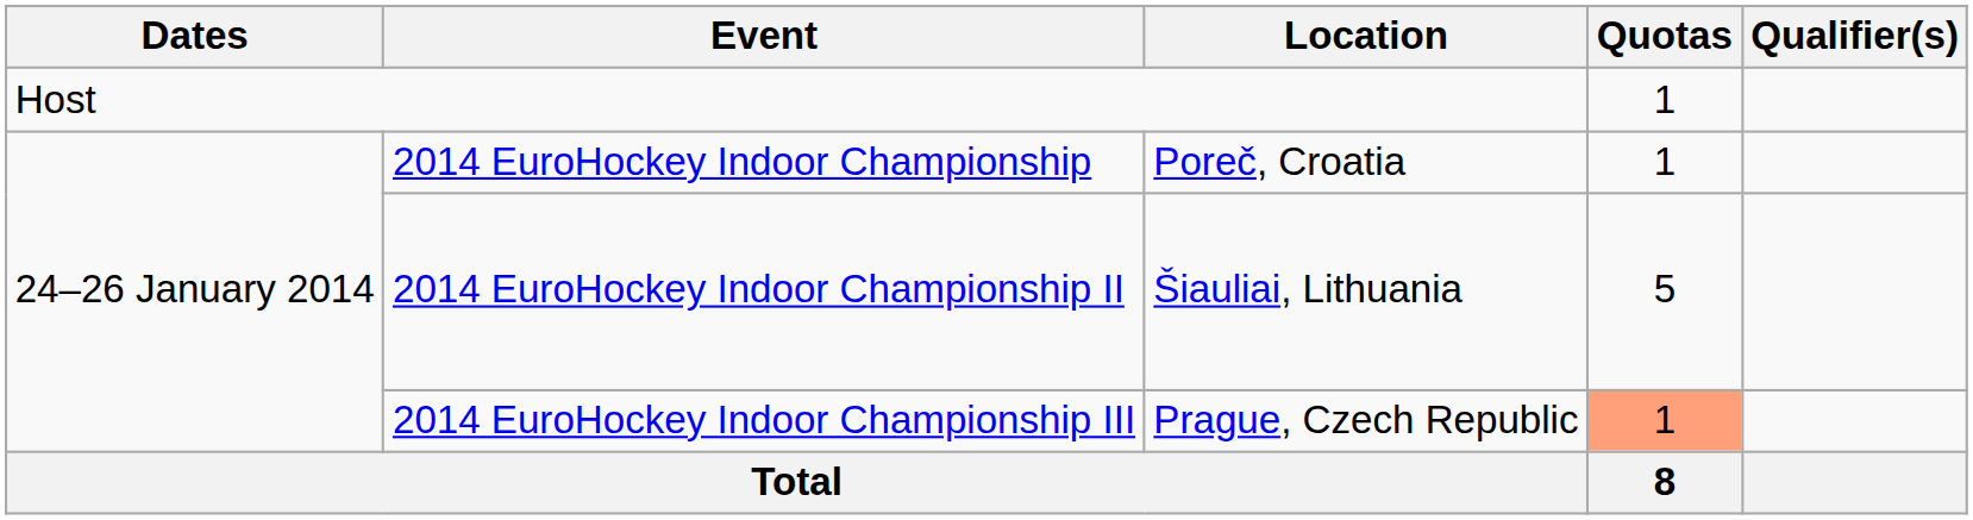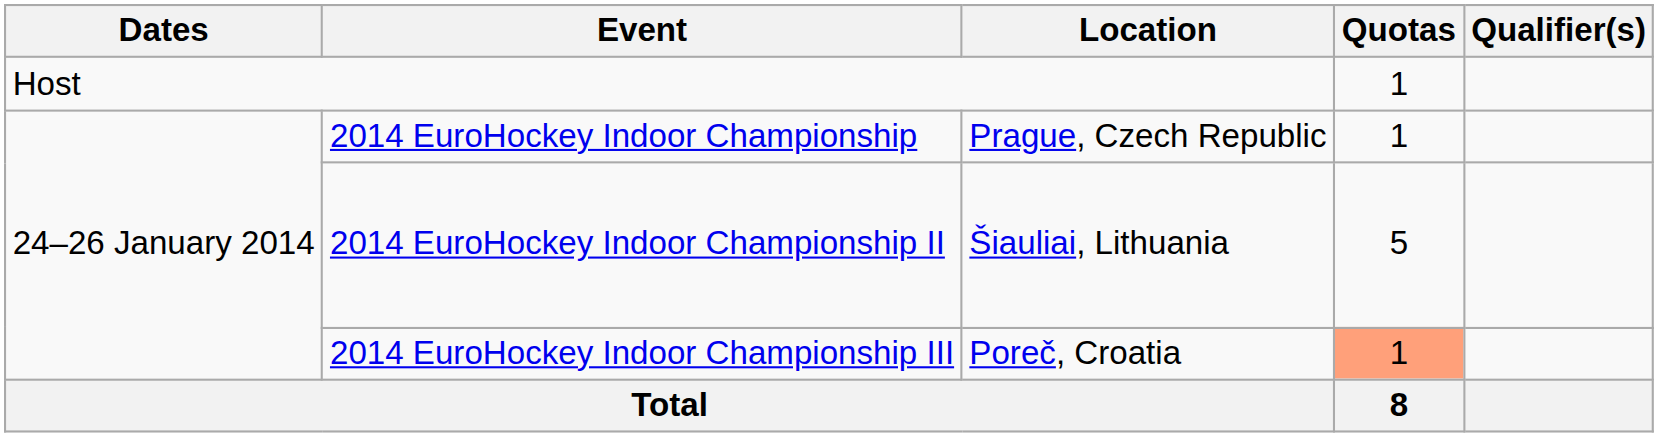 <table class=wikitable>
 <tr>
 <th>Dates</th>
 <th>Event</th>
 <th>Location</th>
 <th>Quotas</th>
 <th>Qualifier(s)</th>
 </tr>
 <tr>
 <td colspan=3>Host</td>
 <td style="text-align: center;">1</td>
 <td></td>
 </tr>
 <tr>
 <td rowspan=3>24–26 January 2014</td>
 <td><a href='#'>2014 EuroHockey Indoor Championship</a></td>
-<td><a href='#'>Poreč</a>, Croatia</td>
+<td><a href='#'>Prague</a>, Czech Republic</td>
 <td style="text-align: center;">1</td>
 <td></td>
 </tr>
 <tr>
 <td><a href='#'>2014 EuroHockey Indoor Championship II</a></td>
 <td><a href='#'>Šiauliai</a>, Lithuania</td>
 <td style="text-align: center;">5</td>
 <td><br><br><br><br></td>
 </tr>
 <tr>
 <td><a href='#'>2014 EuroHockey Indoor Championship III</a></td>
-<td><a href='#'>Prague</a>, Czech Republic</td>
+<td><a href='#'>Poreč</a>, Croatia</td>
 <td style="background: lightsalmon; text-align: center;">1</td>
 <td></td>
 </tr>
 <tr>
 <th colspan="3">Total</th>
 <th>8</th>
 <th></th>
 </tr>
 </table>
